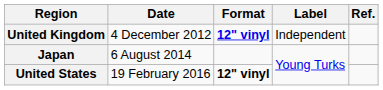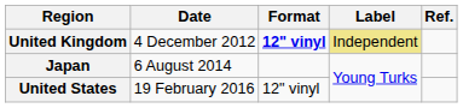 <table class="wikitable plainrowheaders">
 <tr>
 <th>Region</th>
 <th>Date</th>
 <th>Format</th>
 <th>Label</th>
 <th>Ref.</th>
 </tr>
 <tr>
 <th scope="row">United Kingdom</th>
 <td>4 December 2012</td>
 <td><strong><a href='#'>12" vinyl</a></strong></td>
-<td>Independent</td>
+<td style="background: khaki;">Independent</td>
 <td></td>
 </tr>
 <tr>
 <th scope="row">Japan</th>
 <td>6 August 2014</td>
 <td></td>
 <td rowspan="2"><a href='#'>Young Turks</a></td>
 <td></td>
 </tr>
 <tr>
 <th scope="row">United States</th>
 <td>19 February 2016</td>
-<td><strong>12" vinyl</strong></td>
+<td>12" vinyl</td>
 <td></td>
 </tr>
 </table>
